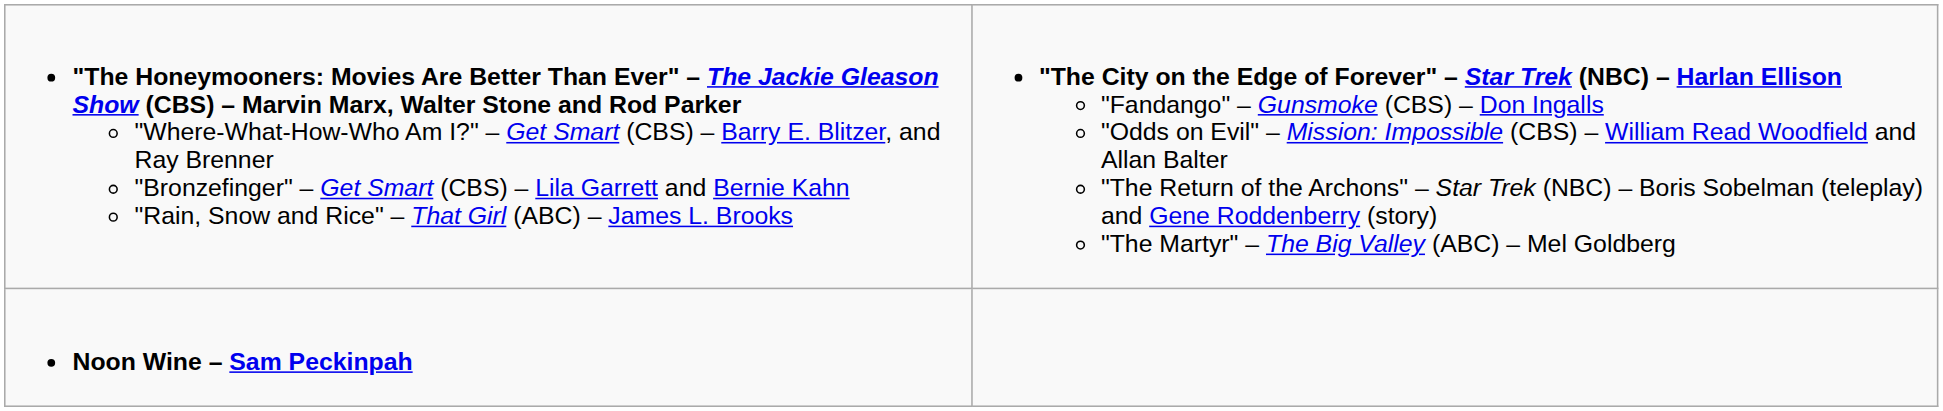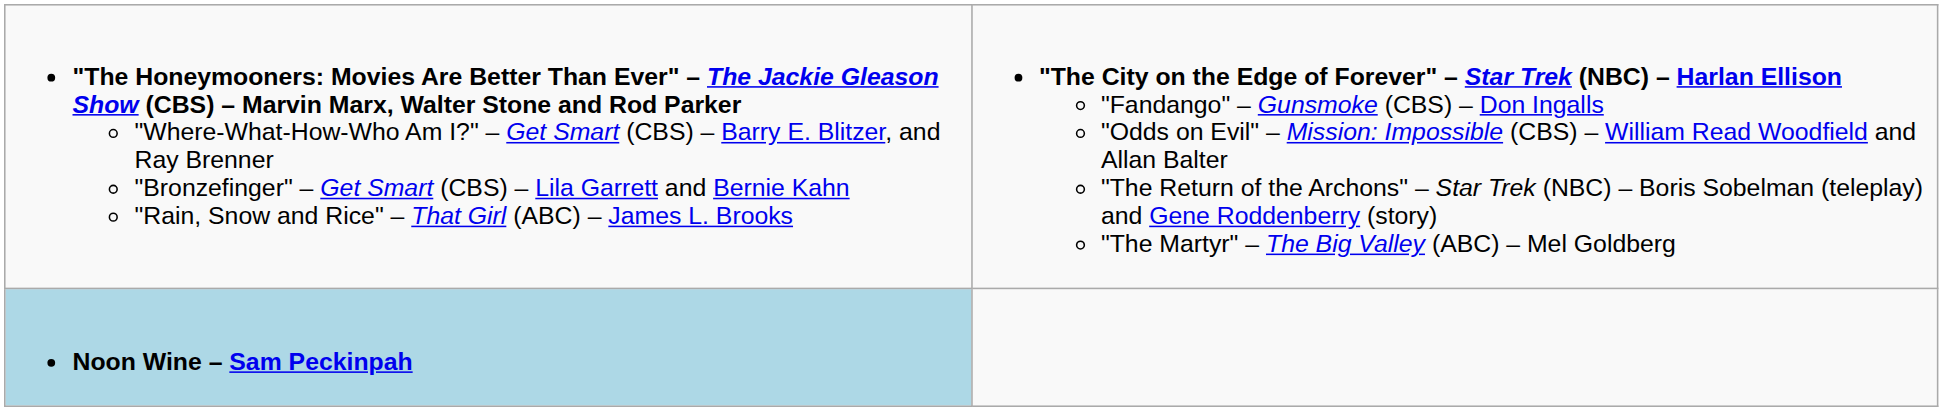 <table class="wikitable">
 <tr>
 <td valign="top" width="50%"><br><ul><li><strong>"The Honeymooners: Movies Are Better Than Ever" – <em><a href='#'>The Jackie Gleason Show</a></em> (CBS) – Marvin Marx, Walter Stone and Rod Parker</strong><ul><li>"Where-What-How-Who Am I?" – <em><a href='#'>Get Smart</a></em> (CBS) – <a href='#'>Barry E. Blitzer</a>, and Ray Brenner</li><li>"Bronzefinger" – <em><a href='#'>Get Smart</a></em> (CBS) – <a href='#'>Lila Garrett</a> and <a href='#'>Bernie Kahn</a></li><li>"Rain, Snow and Rice" – <em><a href='#'>That Girl</a></em> (ABC) – <a href='#'>James L. Brooks</a></li></ul></li></ul></td>
 <td valign="top"><br><ul><li><strong>"The City on the Edge of Forever" – <em><a href='#'>Star Trek</a></em> (NBC) – <a href='#'>Harlan Ellison</a></strong><ul><li>"Fandango" – <em><a href='#'>Gunsmoke</a></em> (CBS) – <a href='#'>Don Ingalls</a></li><li>"Odds on Evil" – <em><a href='#'>Mission: Impossible</a></em> (CBS) – <a href='#'>William Read Woodfield</a> and Allan Balter</li><li>"The Return of the Archons" – <em>Star Trek</em> (NBC) – Boris Sobelman (teleplay) and <a href='#'>Gene Roddenberry</a> (story)</li><li>"The Martyr" – <em><a href='#'>The Big Valley</a></em> (ABC) – Mel Goldberg</li></ul></li></ul></td>
 </tr>
 <tr>
-<td valign="top"><br><ul><li><strong>Noon Wine – <a href='#'>Sam Peckinpah</a></strong></li></ul></td>
+<td valign="top" style="background: lightblue;"><br><ul><li><strong>Noon Wine – <a href='#'>Sam Peckinpah</a></strong></li></ul></td>
 </tr>
 </table>
